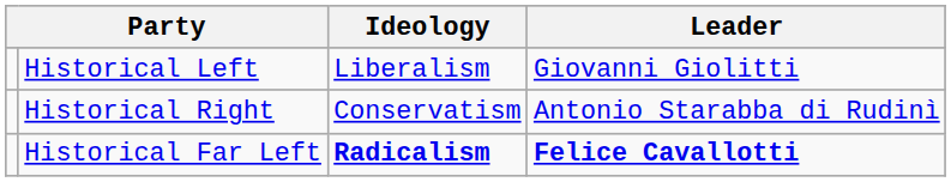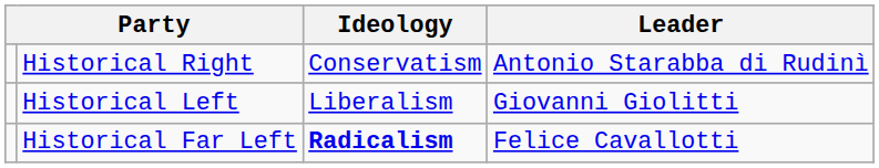 <table class=wikitable>
 <tr>
 <th colspan=2>Party</th>
 <th>Ideology</th>
 <th>Leader</th>
+</tr>
+<tr>
+<td></td>
+<td><a href='#'>Historical Right</a></td>
+<td><a href='#'>Conservatism</a></td>
+<td><a href='#'>Antonio Starabba di Rudinì</a></td>
 </tr>
 <tr>
 <td></td>
 <td><a href='#'>Historical Left</a></td>
 <td><a href='#'>Liberalism</a></td>
 <td><a href='#'>Giovanni Giolitti</a></td>
 </tr>
 <tr>
 <td></td>
-<td><a href='#'>Historical Right</a></td>
-<td><a href='#'>Conservatism</a></td>
-<td><a href='#'>Antonio Starabba di Rudinì</a></td>
-</tr>
-<tr>
-<td></td>
 <td><a href='#'>Historical Far Left</a></td>
 <td><strong><a href='#'>Radicalism</a></strong></td>
-<td><strong><a href='#'>Felice Cavallotti</a></strong></td>
+<td><a href='#'>Felice Cavallotti</a></td>
 </tr>
 </table>
